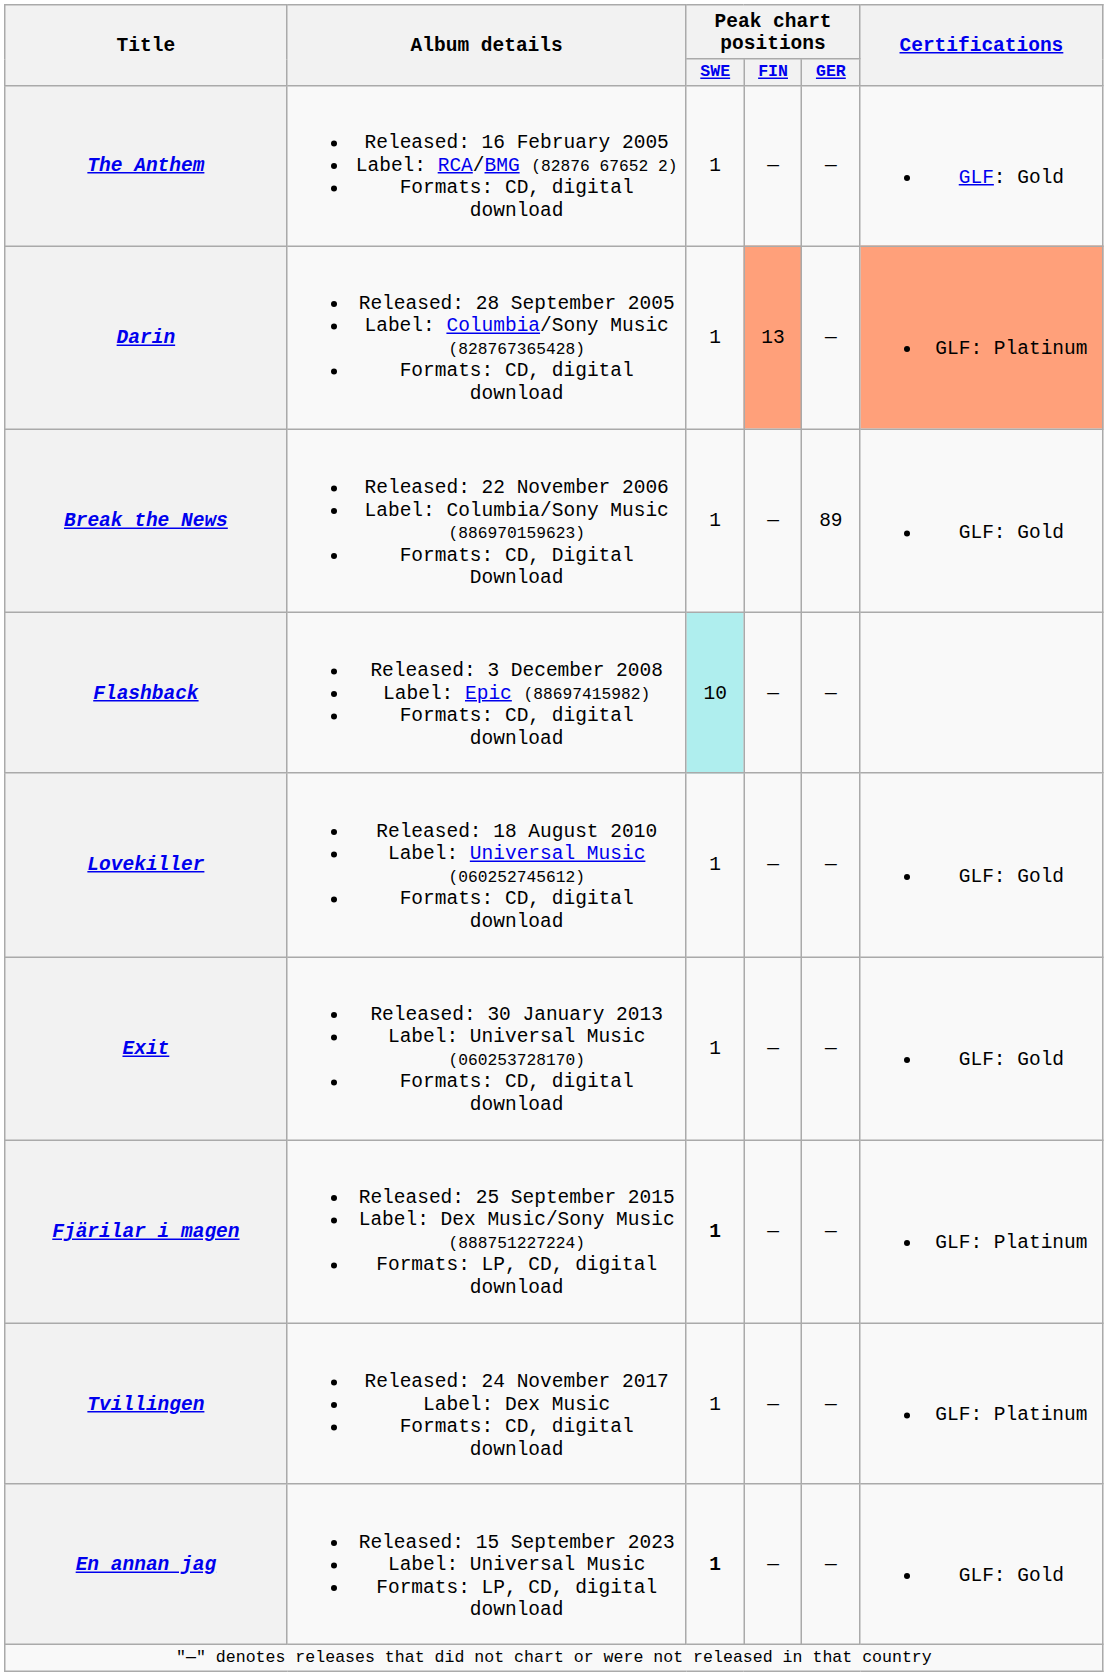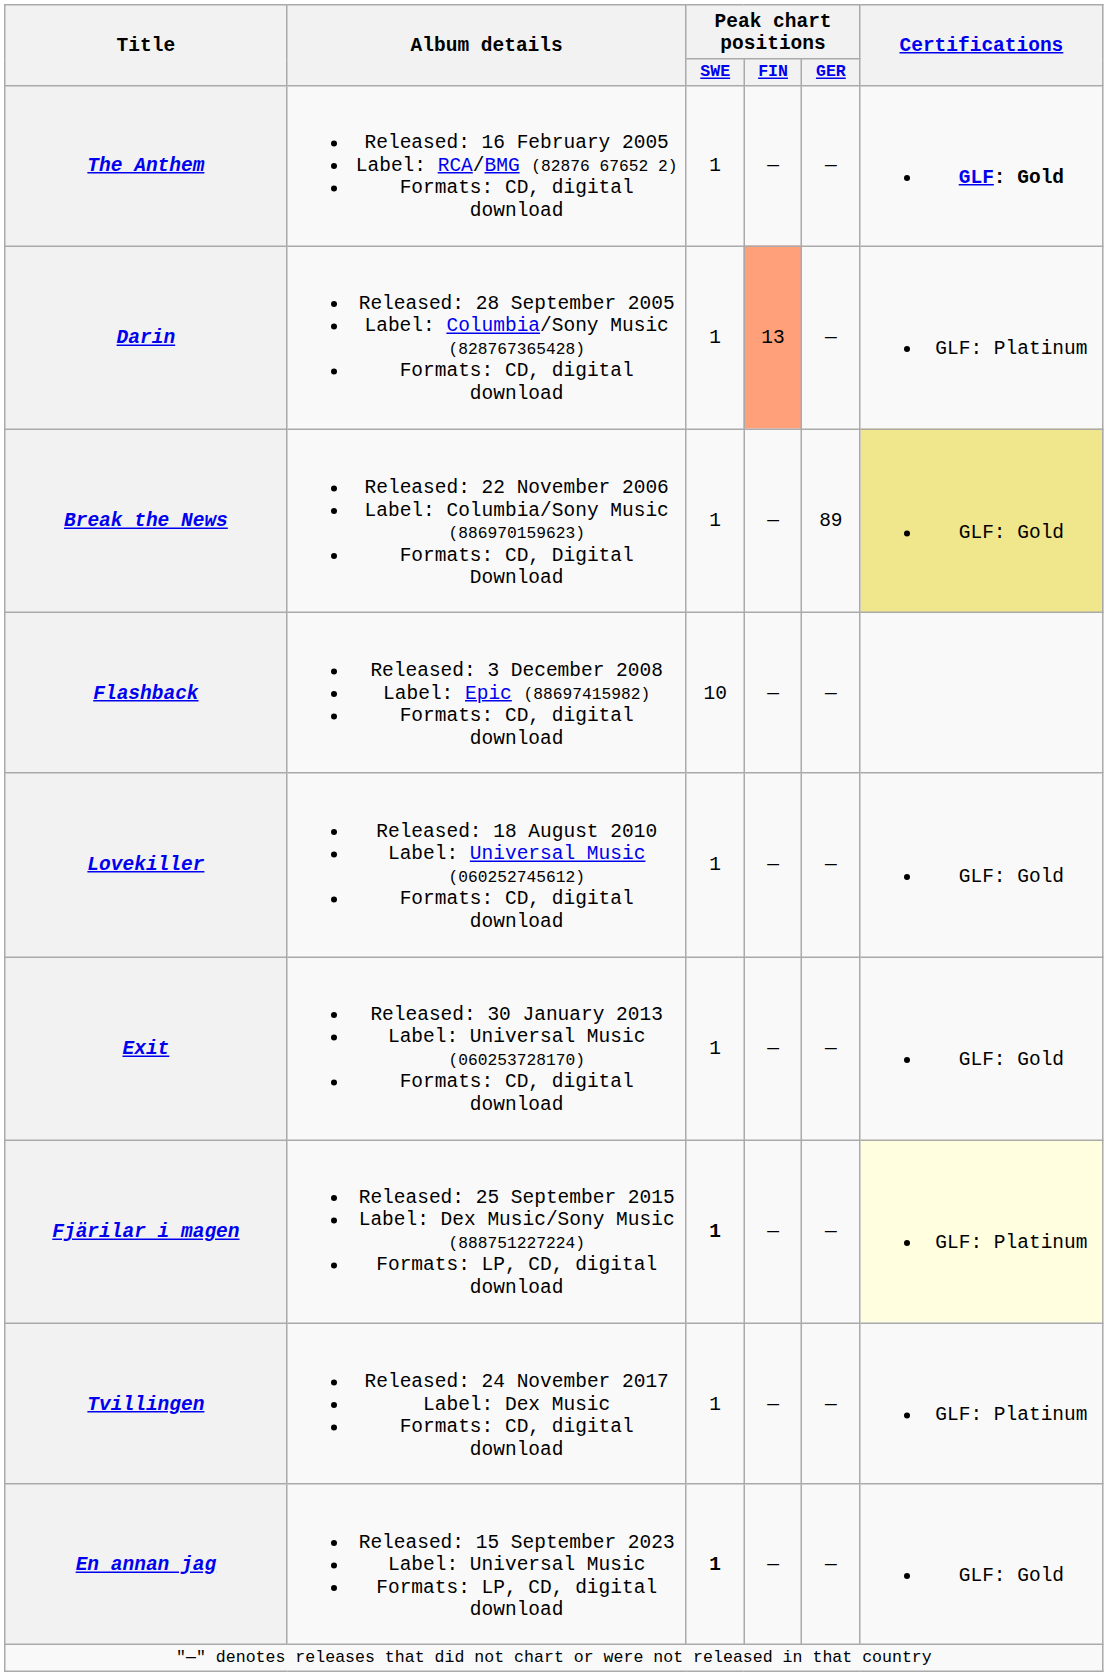 <table class="wikitable plainrowheaders" style="text-align:center;">
 <tr>
 <th scope="col" rowspan="2" style="width:14em;">Title</th>
 <th scope="col" rowspan="2" style="width:20em;">Album details</th>
 <th scope="col" colspan="3">Peak chart positions</th>
 <th scope="col" rowspan="2" style="width:12em;"><a href='#'>Certifications</a></th>
 </tr>
 <tr>
 <th style="width:3em;font-size:85%"><a href='#'>SWE</a><br></th>
 <th style="width:3em;font-size:85%"><a href='#'>FIN</a><br></th>
 <th style="width:3em;font-size:85%"><a href='#'>GER</a><br></th>
 </tr>
 <tr>
 <th scope="row"><em><a href='#'>The Anthem</a></em></th>
 <td><br><ul><li>Released: 16 February 2005</li><li>Label: <a href='#'>RCA</a>/<a href='#'>BMG</a> <small>(82876 67652 2)</small></li><li>Formats: CD, digital download</li></ul></td>
 <td style="text-align:center;">1</td>
 <td style="text-align:center;">—</td>
 <td style="text-align:center;">—</td>
-<td><br><ul><li><a href='#'>GLF</a>: Gold</li></ul></td>
+<td><strong><br><ul><li><a href='#'>GLF</a>: Gold</li></ul></strong></td>
 </tr>
 <tr>
 <th scope="row"><em><a href='#'>Darin</a></em></th>
 <td><br><ul><li>Released: 28 September 2005</li><li>Label: <a href='#'>Columbia</a>/Sony Music <small>(828767365428)</small></li><li>Formats: CD, digital download</li></ul></td>
 <td style="text-align:center;">1</td>
 <td style="background: lightsalmon; text-align:center;">13</td>
 <td style="text-align:center;">—</td>
-<td style="background: lightsalmon;"><br><ul><li>GLF: Platinum</li></ul></td>
+<td><br><ul><li>GLF: Platinum</li></ul></td>
 </tr>
 <tr>
 <th scope="row"><em><a href='#'>Break the News</a></em></th>
 <td><br><ul><li>Released: 22 November 2006</li><li>Label: Columbia/Sony Music <small>(886970159623)</small></li><li>Formats: CD, Digital Download</li></ul></td>
 <td style="text-align:center;">1</td>
 <td style="text-align:center;">—</td>
 <td style="text-align:center;">89</td>
-<td><br><ul><li>GLF: Gold</li></ul></td>
+<td style="background: khaki;"><br><ul><li>GLF: Gold</li></ul></td>
 </tr>
 <tr>
 <th scope="row"><em><a href='#'>Flashback</a></em></th>
 <td><br><ul><li>Released: 3 December 2008</li><li>Label: <a href='#'>Epic</a> <small>(88697415982)</small></li><li>Formats: CD, digital download</li></ul></td>
-<td style="background: paleturquoise; text-align:center;">10</td>
+<td style="text-align:center;">10</td>
 <td style="text-align:center;">—</td>
 <td style="text-align:center;">—</td>
 <td></td>
 </tr>
 <tr>
 <th scope="row"><em><a href='#'>Lovekiller</a></em></th>
 <td><br><ul><li>Released: 18 August 2010</li><li>Label: <a href='#'>Universal Music</a> <small>(060252745612)</small></li><li>Formats: CD, digital download</li></ul></td>
 <td style="text-align:center;">1</td>
 <td style="text-align:center;">—</td>
 <td style="text-align:center;">—</td>
 <td><br><ul><li>GLF: Gold</li></ul></td>
 </tr>
 <tr>
 <th scope="row"><em><a href='#'>Exit</a></em></th>
 <td><br><ul><li>Released: 30 January 2013</li><li>Label: Universal Music <small>(060253728170)</small></li><li>Formats: CD, digital download</li></ul></td>
 <td style="text-align:center;">1</td>
 <td style="text-align:center;">—</td>
 <td style="text-align:center;">—</td>
 <td><br><ul><li>GLF: Gold</li></ul></td>
 </tr>
 <tr>
 <th scope="row"><em><a href='#'>Fjärilar i magen</a></em></th>
 <td><br><ul><li>Released: 25 September 2015</li><li>Label: Dex Music/Sony Music <small>(888751227224)</small></li><li>Formats: LP, CD, digital download</li></ul></td>
 <td style="text-align:center;"><strong>1</strong></td>
 <td style="text-align:center;">—</td>
 <td style="text-align:center;">—</td>
-<td><br><ul><li>GLF: Platinum</li></ul></td>
+<td style="background: lightyellow;"><br><ul><li>GLF: Platinum</li></ul></td>
 </tr>
 <tr>
 <th scope="row"><em><a href='#'>Tvillingen</a></em></th>
 <td><br><ul><li>Released: 24 November 2017</li><li>Label: Dex Music</li><li>Formats: CD, digital download</li></ul></td>
 <td style="text-align:center;">1</td>
 <td style="text-align:center;">—</td>
 <td style="text-align:center;">—</td>
 <td><br><ul><li>GLF: Platinum</li></ul></td>
 </tr>
 <tr>
 <th scope="row"><em><a href='#'>En annan jag</a></em></th>
 <td><br><ul><li>Released: 15 September 2023</li><li>Label: Universal Music</li><li>Formats: LP, CD, digital download</li></ul></td>
 <td style="text-align:center;"><strong>1</strong></td>
 <td style="text-align:center;">—</td>
 <td style="text-align:center;">—</td>
 <td><br><ul><li>GLF: Gold</li></ul></td>
 </tr>
 <tr>
 <td colspan="16" style="text-align:center; font-size:85%;">"—" denotes releases that did not chart or were not released in that country</td>
 </tr>
 </table>
